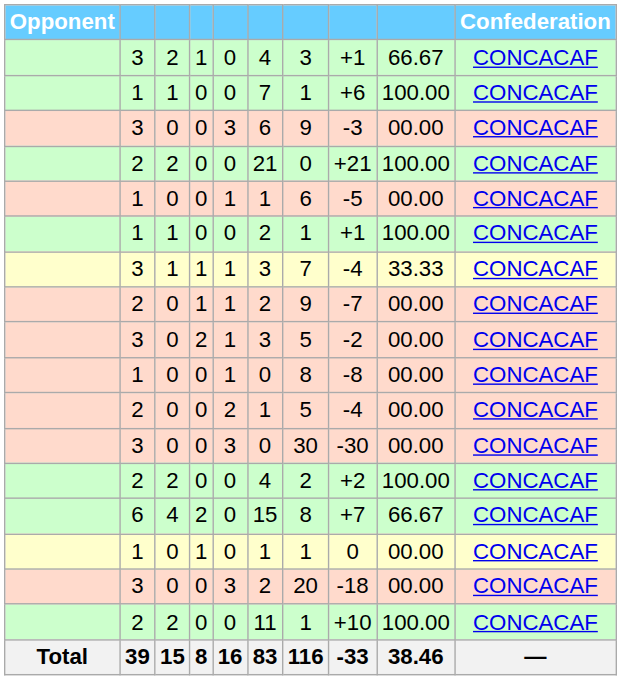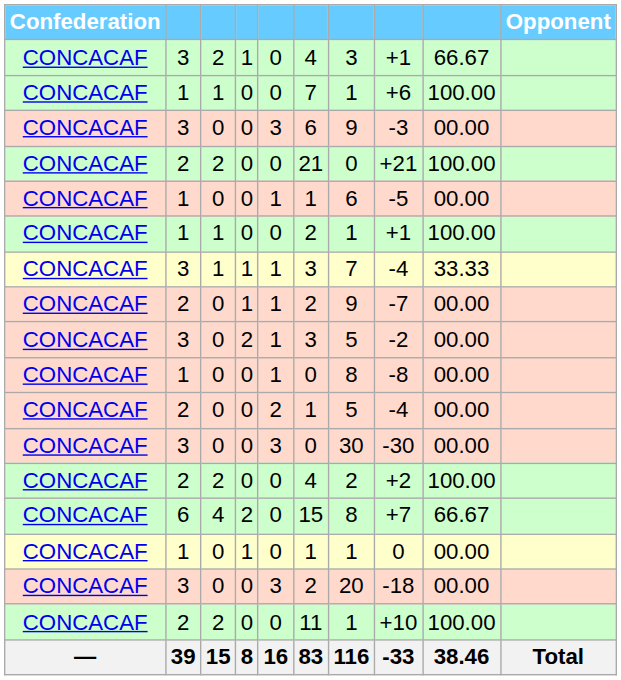 <table class="wikitable sortable" style="text-align:center;">
 <tr style="color:white">
-<th style="background-color:#66CCFF;color:white">Opponent</th>
+<th style="background-color:#66CCFF;color:white">Confederation</th>
 <th style="background-color:#66CCFF;"></th>
 <th style="background-color:#66CCFF;"></th>
 <th style="background-color:#66CCFF;"></th>
 <th style="background-color:#66CCFF;"></th>
 <th style="background-color:#66CCFF;"></th>
 <th style="background-color:#66CCFF;"></th>
 <th style="background-color:#66CCFF;"></th>
 <th style="background-color:#66CCFF;"></th>
-<th style="background-color:#66CCFF;color:white">Confederation</th>
+<th style="background-color:#66CCFF;color:white">Opponent</th>
 </tr>
 <tr bgcolor=CCFFCC>
-<td style="text-align:left;"></td>
+<td><a href='#'>CONCACAF</a></td>
 <td>3</td>
 <td>2</td>
 <td>1</td>
 <td>0</td>
 <td>4</td>
 <td>3</td>
 <td>+1</td>
 <td>66.67</td>
-<td><a href='#'>CONCACAF</a></td>
+<td style="text-align:left;"></td>
 </tr>
 <tr bgcolor=CCFFCC>
-<td style="text-align:left;"></td>
+<td><a href='#'>CONCACAF</a></td>
 <td>1</td>
 <td>1</td>
 <td>0</td>
 <td>0</td>
 <td>7</td>
 <td>1</td>
 <td>+6</td>
 <td>100.00</td>
-<td><a href='#'>CONCACAF</a></td>
+<td style="text-align:left;"></td>
 </tr>
 <tr bgcolor=FFDACC>
-<td style="text-align:left;"></td>
+<td><a href='#'>CONCACAF</a></td>
 <td>3</td>
 <td>0</td>
 <td>0</td>
 <td>3</td>
 <td>6</td>
 <td>9</td>
 <td>-3</td>
 <td>00.00</td>
-<td><a href='#'>CONCACAF</a></td>
+<td style="text-align:left;"></td>
 </tr>
 <tr bgcolor=CCFFCC>
-<td style="text-align:left;"></td>
+<td><a href='#'>CONCACAF</a></td>
 <td>2</td>
 <td>2</td>
 <td>0</td>
 <td>0</td>
 <td>21</td>
 <td>0</td>
 <td>+21</td>
 <td>100.00</td>
-<td><a href='#'>CONCACAF</a></td>
+<td style="text-align:left;"></td>
 </tr>
 <tr bgcolor=FFDACC>
-<td style="text-align:left;"></td>
+<td><a href='#'>CONCACAF</a></td>
 <td>1</td>
 <td>0</td>
 <td>0</td>
 <td>1</td>
 <td>1</td>
 <td>6</td>
 <td>-5</td>
 <td>00.00</td>
-<td><a href='#'>CONCACAF</a></td>
+<td style="text-align:left;"></td>
 </tr>
 <tr bgcolor=CCFFCC>
-<td style="text-align:left;"></td>
+<td><a href='#'>CONCACAF</a></td>
 <td>1</td>
 <td>1</td>
 <td>0</td>
 <td>0</td>
 <td>2</td>
 <td>1</td>
 <td>+1</td>
 <td>100.00</td>
-<td><a href='#'>CONCACAF</a></td>
+<td style="text-align:left;"></td>
 </tr>
 <tr bgcolor=FFFFCC>
-<td style="text-align:left;"></td>
+<td><a href='#'>CONCACAF</a></td>
 <td>3</td>
 <td>1</td>
 <td>1</td>
 <td>1</td>
 <td>3</td>
 <td>7</td>
 <td>-4</td>
 <td>33.33</td>
-<td><a href='#'>CONCACAF</a></td>
+<td style="text-align:left;"></td>
 </tr>
 <tr bgcolor=FFDACC>
-<td style="text-align:left;"></td>
+<td><a href='#'>CONCACAF</a></td>
 <td>2</td>
 <td>0</td>
 <td>1</td>
 <td>1</td>
 <td>2</td>
 <td>9</td>
 <td>-7</td>
 <td>00.00</td>
-<td><a href='#'>CONCACAF</a></td>
+<td style="text-align:left;"></td>
 </tr>
 <tr bgcolor=FFDACC>
-<td style="text-align:left;"></td>
+<td><a href='#'>CONCACAF</a></td>
 <td>3</td>
 <td>0</td>
 <td>2</td>
 <td>1</td>
 <td>3</td>
 <td>5</td>
 <td>-2</td>
 <td>00.00</td>
-<td><a href='#'>CONCACAF</a></td>
+<td style="text-align:left;"></td>
 </tr>
 <tr bgcolor=FFDACC>
-<td style="text-align:left;"></td>
+<td><a href='#'>CONCACAF</a></td>
 <td>1</td>
 <td>0</td>
 <td>0</td>
 <td>1</td>
 <td>0</td>
 <td>8</td>
 <td>-8</td>
 <td>00.00</td>
-<td><a href='#'>CONCACAF</a></td>
+<td style="text-align:left;"></td>
 </tr>
 <tr bgcolor=FFDACC>
-<td style="text-align:left;"></td>
+<td><a href='#'>CONCACAF</a></td>
 <td>2</td>
 <td>0</td>
 <td>0</td>
 <td>2</td>
 <td>1</td>
 <td>5</td>
 <td>-4</td>
 <td>00.00</td>
-<td><a href='#'>CONCACAF</a></td>
+<td style="text-align:left;"></td>
 </tr>
 <tr bgcolor=FFDACC>
-<td style="text-align:left;"></td>
+<td><a href='#'>CONCACAF</a></td>
 <td>3</td>
 <td>0</td>
 <td>0</td>
 <td>3</td>
 <td>0</td>
 <td>30</td>
 <td>-30</td>
 <td>00.00</td>
-<td><a href='#'>CONCACAF</a></td>
+<td style="text-align:left;"></td>
 </tr>
 <tr bgcolor=CCFFCC>
-<td style="text-align:left;"></td>
+<td><a href='#'>CONCACAF</a></td>
 <td>2</td>
 <td>2</td>
 <td>0</td>
 <td>0</td>
 <td>4</td>
 <td>2</td>
 <td>+2</td>
 <td>100.00</td>
-<td><a href='#'>CONCACAF</a></td>
+<td style="text-align:left;"></td>
 </tr>
 <tr bgcolor=CCFFCC>
-<td style="text-align:left;"></td>
+<td><a href='#'>CONCACAF</a></td>
 <td>6</td>
 <td>4</td>
 <td>2</td>
 <td>0</td>
 <td>15</td>
 <td>8</td>
 <td>+7</td>
 <td>66.67</td>
-<td><a href='#'>CONCACAF</a></td>
+<td style="text-align:left;"></td>
 </tr>
 <tr bgcolor=FFFFCC>
-<td style="text-align:left;"></td>
+<td><a href='#'>CONCACAF</a></td>
 <td>1</td>
 <td>0</td>
 <td>1</td>
 <td>0</td>
 <td>1</td>
 <td>1</td>
 <td>0</td>
 <td>00.00</td>
-<td><a href='#'>CONCACAF</a></td>
+<td style="text-align:left;"></td>
 </tr>
 <tr bgcolor=FFDACC>
-<td style="text-align:left;"></td>
+<td><a href='#'>CONCACAF</a></td>
 <td>3</td>
 <td>0</td>
 <td>0</td>
 <td>3</td>
 <td>2</td>
 <td>20</td>
 <td>-18</td>
 <td>00.00</td>
-<td><a href='#'>CONCACAF</a></td>
+<td style="text-align:left;"></td>
 </tr>
 <tr bgcolor=CCFFCC>
-<td style="text-align:left;"></td>
+<td><a href='#'>CONCACAF</a></td>
 <td>2</td>
 <td>2</td>
 <td>0</td>
 <td>0</td>
 <td>11</td>
 <td>1</td>
 <td>+10</td>
 <td>100.00</td>
-<td><a href='#'>CONCACAF</a></td>
+<td style="text-align:left;"></td>
 </tr>
 <tr>
-<th>Total</th>
+<th>—</th>
 <th>39</th>
 <th>15</th>
 <th>8</th>
 <th>16</th>
 <th>83</th>
 <th>116</th>
 <th>-33</th>
 <th>38.46</th>
-<th>—</th>
+<th>Total</th>
 </tr>
 </table>
